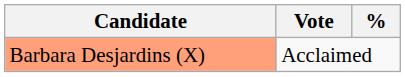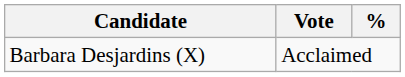 <table class="wikitable">
 <tr>
 <th bgcolor="#DDDDFF" width="200px">Candidate</th>
 <th bgcolor="#DDDDFF" width="50px">Vote</th>
 <th bgcolor="#DDDDFF" width="30px">%</th>
 </tr>
 <tr>
-<td style="background: lightsalmon;">Barbara Desjardins (X)</td>
+<td>Barbara Desjardins (X)</td>
 <td colspan="2">Acclaimed</td>
 </tr>
 </table>
